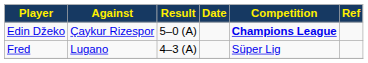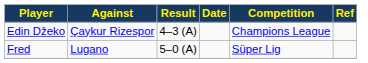 <table class="wikitable">
 <tr>
 <th style="background:#163962; color:#FFF000; ">Player</th>
 <th style="background:#163962; color:#FFF000; ">Against</th>
 <th style="background:#163962; color:#FFF000; text-align:center; ">Result</th>
 <th style="background:#163962; color:#FFF000; ">Date</th>
 <th style="background:#163962; color:#FFF000; text-align:center; ">Competition</th>
 <th style="background:#163962; color:#FFF000; ">Ref</th>
 </tr>
 <tr>
 <td> <a href='#'>Edin Džeko</a></td>
 <td><a href='#'>Çaykur Rizespor</a></td>
-<td>5–0 (A)</td>
+<td>4–3 (A)</td>
 <td></td>
-<td><strong><a href='#'>Champions League</a></strong></td>
+<td><a href='#'>Champions League</a></td>
 <td></td>
 </tr>
 <tr>
 <td> <a href='#'>Fred</a></td>
 <td><a href='#'>Lugano</a></td>
-<td>4–3 (A)</td>
+<td>5–0 (A)</td>
 <td></td>
 <td><a href='#'>Süper Lig</a></td>
 <td></td>
 </tr>
 <tr>
 </tr>
 </table>
